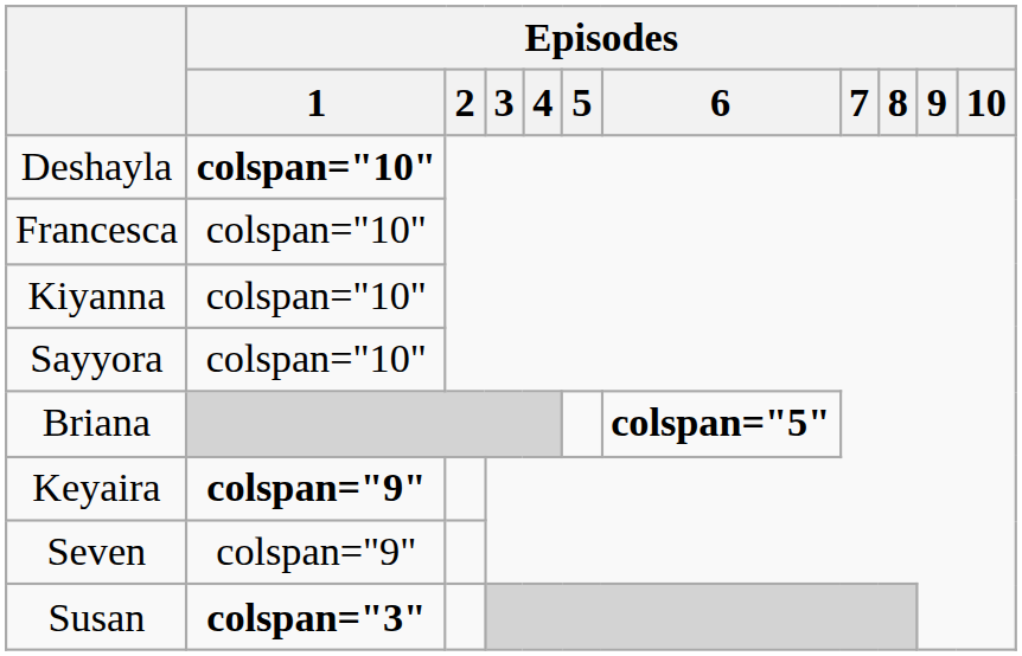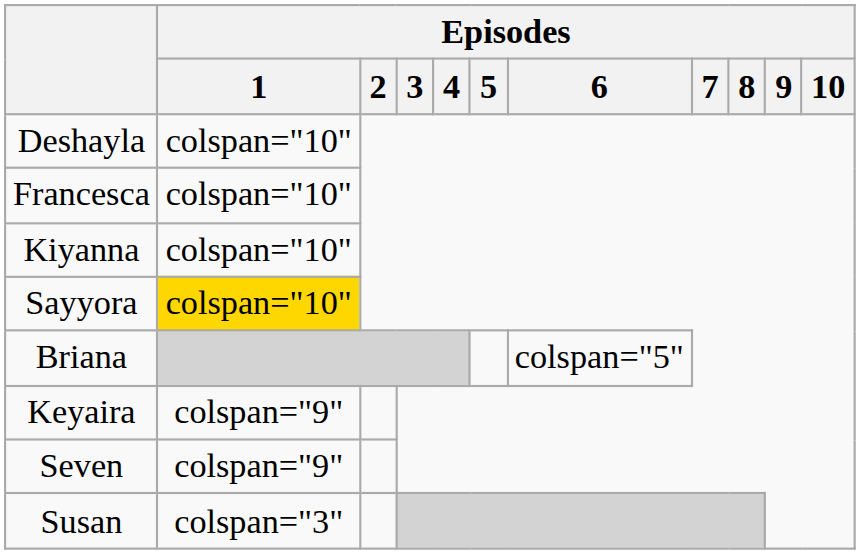 <table class="wikitable plainrowheaders" style="text-align:center; width:45%;">
 <tr>
 <th scope="col" rowspan="2" style="width:9%;"></th>
 <th scope="col" colspan="10">Episodes</th>
 </tr>
 <tr>
 <th scope="col" style="width:8%;">1</th>
 <th scope="col" style="width:8%;">2</th>
 <th scope="col" style="width:8%;">3</th>
 <th scope="col" style="width:8%;">4</th>
 <th scope="col" style="width:8%;">5</th>
 <th scope="col" style="width:8%;">6</th>
 <th scope="col" style="width:8%;">7</th>
 <th scope="col" style="width:8%;">8</th>
 <th scope="col" style="width:8%;">9</th>
 <th scope="col" style="width:8%;">10</th>
 </tr>
 <tr>
 <td scope="row">Deshayla</td>
-<td><strong>colspan="10" </strong></td>
+<td>colspan="10" </td>
 </tr>
 <tr>
 <td scope="row">Francesca</td>
 <td>colspan="10" </td>
 </tr>
 <tr>
 <td scope="row">Kiyanna</td>
 <td>colspan="10" </td>
 </tr>
 <tr>
 <td scope="row">Sayyora</td>
-<td>colspan="10" </td>
+<td style="background: gold;">colspan="10" </td>
 </tr>
 <tr>
 <td scope="row">Briana</td>
 <td colspan="4" style="background:lightgray;"></td>
 <td></td>
-<td><strong>colspan="5" </strong></td>
+<td>colspan="5" </td>
 </tr>
 <tr>
 <td scope="row">Keyaira</td>
-<td><strong>colspan="9" </strong></td>
+<td>colspan="9" </td>
 <td></td>
 </tr>
 <tr>
 <td scope="row">Seven</td>
 <td>colspan="9" </td>
 <td></td>
 </tr>
 <tr>
 <td scope="row">Susan</td>
-<td><strong>colspan="3" </strong></td>
+<td>colspan="3" </td>
 <td></td>
 <td colspan="6" style="background:lightgray;"></td>
 </tr>
 </table>
